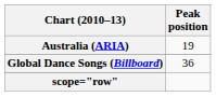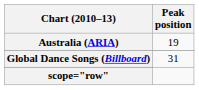 <table class="wikitable plainrowheaders sortable" style="text-align:center;">
 <tr>
 <th scope="col">Chart (2010–13)</th>
 <th scope="col">Peak<br>position</th>
 </tr>
 <tr>
 <th scope="row">Australia (<a href='#'>ARIA</a>)</th>
 <td align="center">19</td>
 </tr>
 <tr>
 </tr>
 <tr>
 <th scope="row">Global Dance Songs (<a href='#'><em>Billboard</em></a>)</th>
-<td align="center">36</td>
+<td align="center">31</td>
 </tr>
 <tr>
 </tr>
 <tr>
 <th>scope="row" </th>
 </tr>
 </table>
